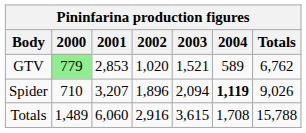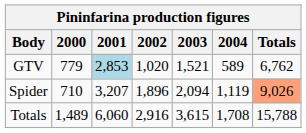 <table class="wikitable" style="text-align:center; float:right; clear:right; font-size:90%;">
 <tr>
 <th colspan=15>Pininfarina production figures</th>
 </tr>
 <tr>
 <th>Body</th>
 <th>2000</th>
 <th>2001</th>
 <th>2002</th>
 <th>2003</th>
 <th>2004</th>
 <th>Totals</th>
 </tr>
 <tr>
 <td>GTV</td>
-<td style="background: lightgreen;">779</td>
-<td>2,853</td>
+<td>779</td>
+<td style="background: lightblue;">2,853</td>
 <td>1,020</td>
 <td>1,521</td>
 <td>589</td>
 <td>6,762</td>
 </tr>
 <tr>
 <td>Spider</td>
 <td>710</td>
 <td>3,207</td>
 <td>1,896</td>
 <td>2,094</td>
-<td><strong>1,119</strong></td>
-<td>9,026</td>
+<td>1,119</td>
+<td style="background: lightsalmon;">9,026</td>
 </tr>
 <tr>
 <td>Totals</td>
 <td>1,489</td>
 <td>6,060</td>
 <td>2,916</td>
 <td>3,615</td>
 <td>1,708</td>
 <td>15,788</td>
 </tr>
 <tr>
 </tr>
 </table>
